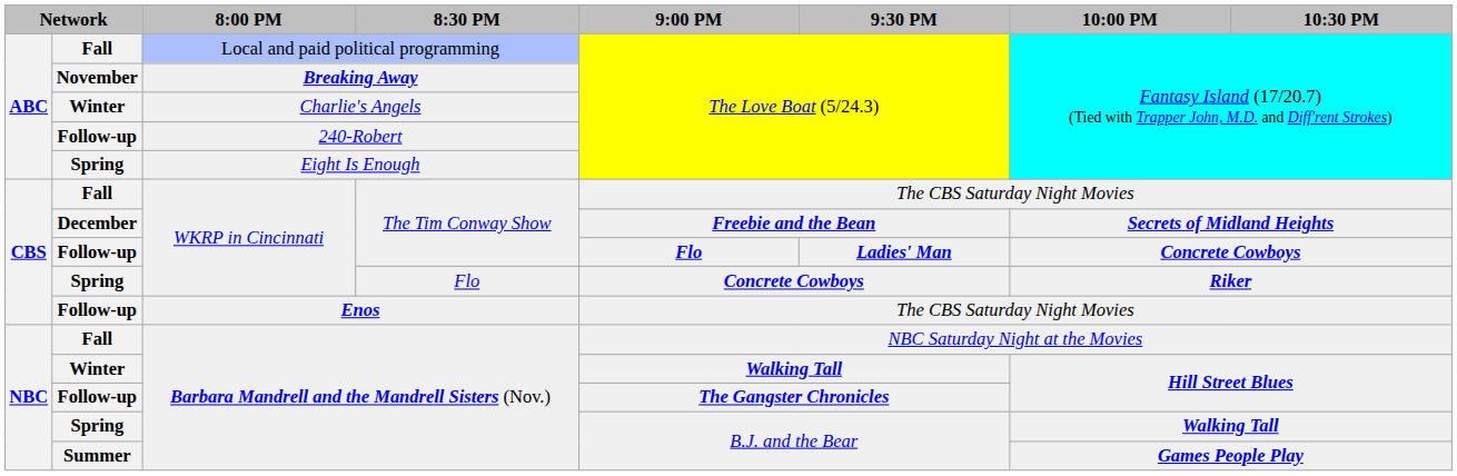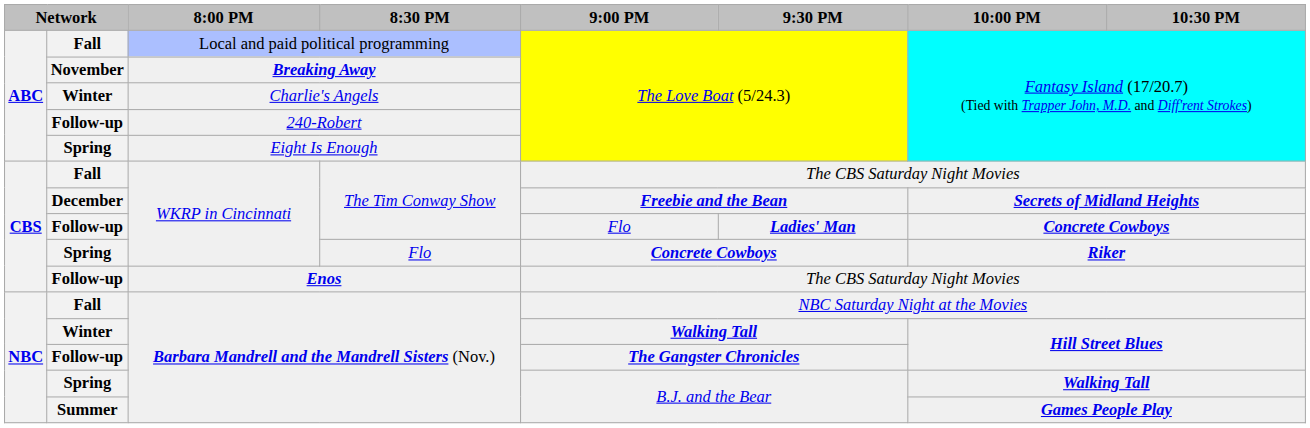 <table class="wikitable plainrowheaders" style="width:100%; margin:auto; text-align:center;">
 <tr>
 <th colspan="2" style="background-color:#C0C0C0;text-align:center">Network</th>
 <th width="16%" style="background-color:#C0C0C0;text-align:center">8:00 PM</th>
 <th width="17%" style="background-color:#C0C0C0;text-align:center">8:30 PM</th>
 <th width="17%" style="background-color:#C0C0C0;text-align:center">9:00 PM</th>
 <th width="16%" style="background-color:#C0C0C0;text-align:center">9:30 PM</th>
 <th width="17%" style="background-color:#C0C0C0;text-align:center">10:00 PM</th>
 <th width="17%" style="background-color:#C0C0C0;text-align:center">10:30 PM</th>
 </tr>
 <tr>
 <th rowspan="5" bgcolor="#C0C0C0"><a href='#'>ABC</a></th>
 <th>Fall</th>
 <td colspan="2" bgcolor="#abbfff">Local and paid political programming</td>
 <td colspan="2" rowspan="5" bgcolor="#FFFF00"><em><a href='#'>The Love Boat</a></em> (5/24.3)</td>
 <td colspan="2" rowspan="5" bgcolor="#00FFFF"><em><a href='#'>Fantasy Island</a></em> (17/20.7)<br><small>(Tied with <em><a href='#'>Trapper John, M.D.</a></em> and <em><a href='#'>Diff'rent Strokes</a></em>)</small></td>
 </tr>
 <tr>
 <th>November</th>
 <td bgcolor="#F0F0F0" colspan="2"><strong><em><a href='#'><strong>Breaking Away</strong></a></em></strong></td>
 </tr>
 <tr>
 <th>Winter</th>
 <td colspan="2" bgcolor="#F0F0F0"><em><a href='#'>Charlie's Angels</a></em></td>
 </tr>
 <tr>
 <th>Follow-up</th>
 <td colspan="2" bgcolor="#F0F0F0"><em><a href='#'>240-Robert</a></em></td>
 </tr>
 <tr>
 <th>Spring</th>
 <td colspan="2" bgcolor="#F0F0F0"><em><a href='#'>Eight Is Enough</a></em></td>
 </tr>
 <tr>
 <th bgcolor="#C0C0C0" rowspan="5"><a href='#'>CBS</a></th>
 <th>Fall</th>
 <td bgcolor="#F0F0F0" rowspan="4"><em><a href='#'>WKRP in Cincinnati</a></em></td>
 <td bgcolor="#F0F0F0" rowspan="3"><em><a href='#'>The Tim Conway Show</a></em></td>
 <td bgcolor="#F0F0F0" colspan="4"><em>The CBS Saturday Night Movies</em></td>
 </tr>
 <tr>
 <th>December</th>
 <td bgcolor="#F0F0F0" colspan="2"><strong><em><a href='#'>Freebie and the Bean</a></em></strong></td>
 <td bgcolor="#F0F0F0" colspan="2" rowspan="1"><strong><em><a href='#'>Secrets of Midland Heights</a></em></strong></td>
 </tr>
 <tr>
 <th>Follow-up</th>
-<td bgcolor="#F0F0F0"><strong><em><a href='#'>Flo</a></em></strong></td>
+<td bgcolor="#F0F0F0"><em><a href='#'>Flo</a></em></td>
 <td bgcolor="#F0F0F0"><strong><em><a href='#'>Ladies' Man</a></em></strong></td>
 <td bgcolor="#F0F0F0" colspan="2"><strong><em><a href='#'>Concrete Cowboys</a></em></strong></td>
 </tr>
 <tr>
 <th>Spring</th>
 <td bgcolor="#F0F0F0"><em><a href='#'>Flo</a></em></td>
 <td bgcolor="#F0F0F0" colspan="2"><strong><em><a href='#'>Concrete Cowboys</a></em></strong></td>
 <td bgcolor="#F0F0F0" colspan="2"><strong><em><a href='#'>Riker</a></em></strong></td>
 </tr>
 <tr>
 <th>Follow-up</th>
 <td bgcolor="#F0F0F0" colspan="2"><strong><em><a href='#'>Enos</a></em></strong></td>
 <td bgcolor="#F0F0F0" colspan="4"><em>The CBS Saturday Night Movies</em></td>
 </tr>
 <tr>
 <th rowspan="5" bgcolor="#C0C0C0"><a href='#'>NBC</a></th>
 <th>Fall</th>
 <td rowspan="5" colspan="2" bgcolor="#F0F0F0"><strong><em><a href='#'>Barbara Mandrell and the Mandrell Sisters</a></em></strong> (Nov.)</td>
 <td bgcolor="#F0F0F0" colspan="4"><em><a href='#'>NBC Saturday Night at the Movies</a></em></td>
 </tr>
 <tr>
 <th>Winter</th>
 <td bgcolor="#F0F0F0" colspan="2"><strong><em><a href='#'>Walking Tall</a></em></strong></td>
 <td bgcolor="#F0F0F0" colspan="2" rowspan="2"><strong><em><a href='#'>Hill Street Blues</a></em></strong></td>
 </tr>
 <tr>
 <th>Follow-up</th>
 <td bgcolor="#F0F0F0" colspan="2"><strong><em><a href='#'>The Gangster Chronicles</a></em></strong></td>
 </tr>
 <tr>
 <th>Spring</th>
 <td bgcolor="#F0F0F0" rowspan="2" colspan="2"><em><a href='#'>B.J. and the Bear</a></em></td>
 <td bgcolor="#F0F0F0" colspan="2"><strong><em><a href='#'>Walking Tall</a></em></strong></td>
 </tr>
 <tr>
 <th>Summer</th>
 <td bgcolor="#F0F0F0" colspan="2"><strong><em><a href='#'>Games People Play</a></em></strong></td>
 </tr>
 </table>
